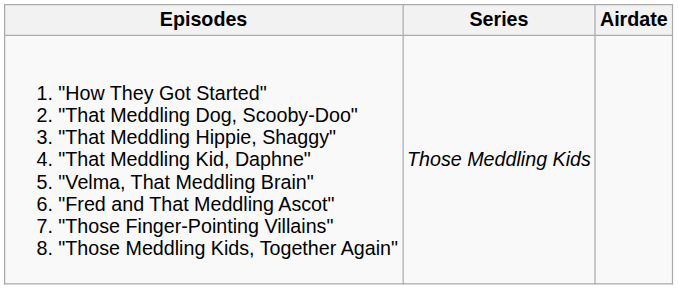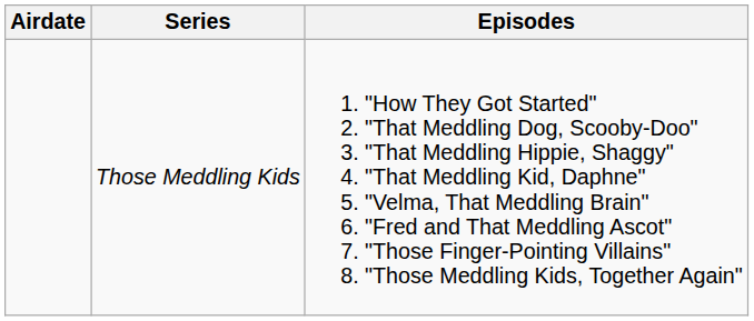 <table class="wikitable sortable">
 <tr>
+<th>Airdate</th>
+<th>Series</th>
 <th class="unsortable">Episodes</th>
-<th>Series</th>
-<th>Airdate</th>
 </tr>
 <tr>
+<td></td>
+<td><em>Those Meddling Kids</em></td>
 <td><br><ol><li>"How They Got Started"</li><li>"That Meddling Dog, Scooby-Doo"</li><li>"That Meddling Hippie, Shaggy"</li><li>"That Meddling Kid, Daphne"</li><li>"Velma, That Meddling Brain"</li><li>"Fred and That Meddling Ascot"</li><li>"Those Finger-Pointing Villains"</li><li>"Those Meddling Kids, Together Again"</li></ol></td>
-<td><em>Those Meddling Kids</em></td>
-<td></td>
 </tr>
 </table>
